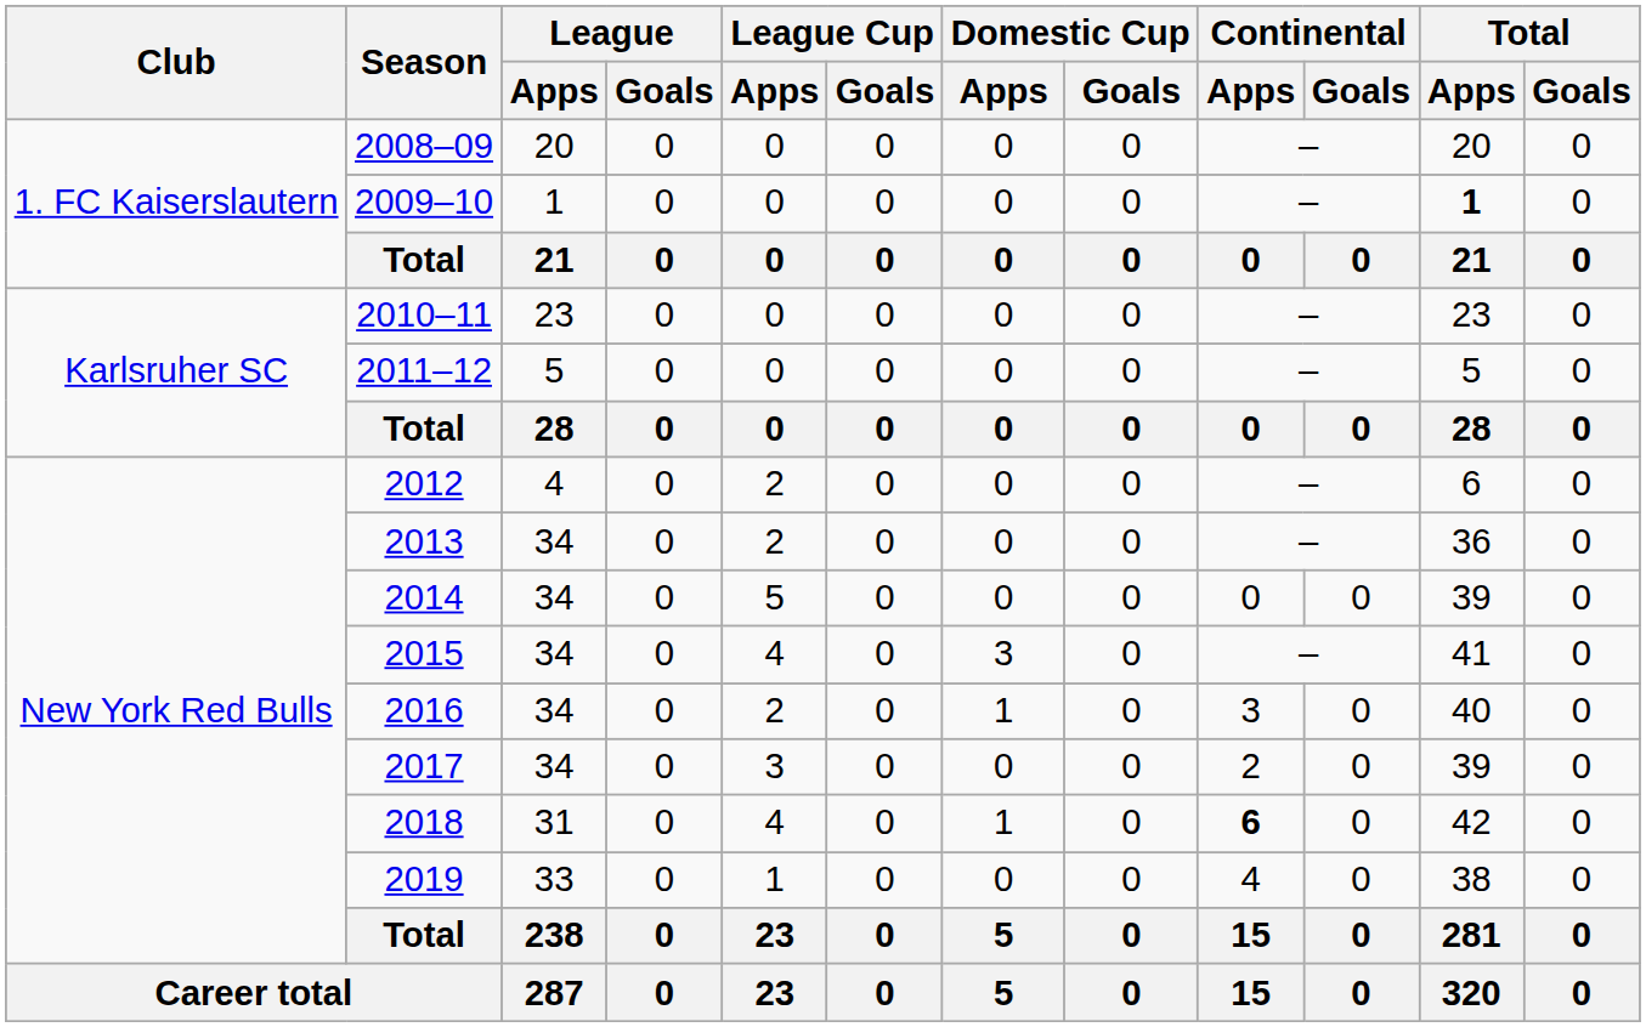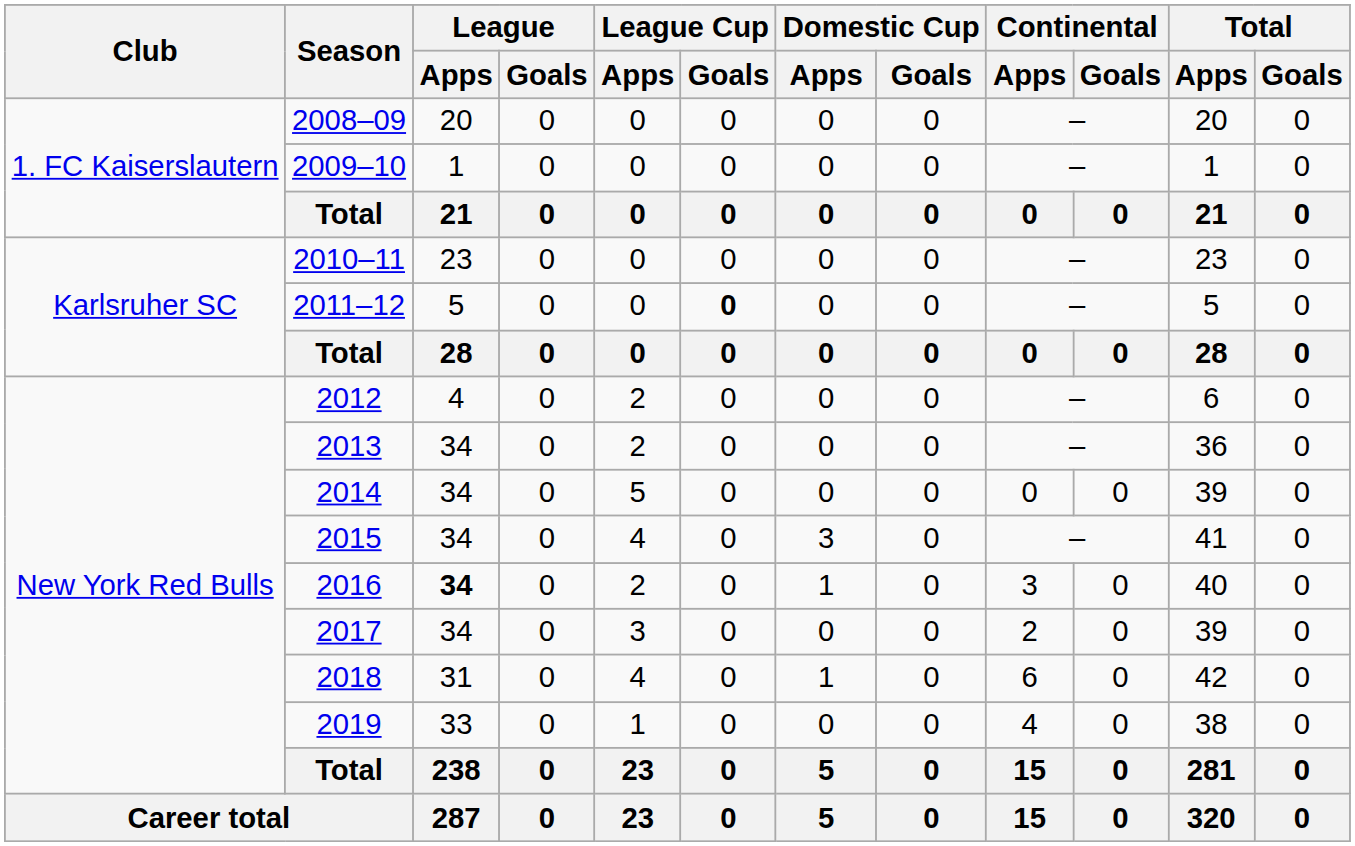 <table class="wikitable" style="text-align: center;">
 <tr>
 <th rowspan="2">Club</th>
 <th rowspan="2">Season</th>
 <th colspan="2">League</th>
 <th colspan="2">League Cup</th>
 <th colspan="2">Domestic Cup</th>
 <th colspan="2">Continental</th>
 <th colspan="2">Total</th>
 </tr>
 <tr>
 <th>Apps</th>
 <th>Goals</th>
 <th>Apps</th>
 <th>Goals</th>
 <th>Apps</th>
 <th>Goals</th>
 <th>Apps</th>
 <th>Goals</th>
 <th>Apps</th>
 <th>Goals</th>
 </tr>
 <tr>
 <td rowspan="3"><a href='#'>1. FC Kaiserslautern</a></td>
 <td><a href='#'>2008–09</a></td>
 <td>20</td>
 <td>0</td>
 <td>0</td>
 <td>0</td>
 <td>0</td>
 <td>0</td>
 <td colspan="2">–</td>
 <td>20</td>
 <td>0</td>
 </tr>
 <tr>
 <td><a href='#'>2009–10</a></td>
 <td>1</td>
 <td>0</td>
 <td>0</td>
 <td>0</td>
 <td>0</td>
 <td>0</td>
 <td colspan="2">–</td>
-<td><strong>1</strong></td>
+<td>1</td>
 <td>0</td>
 </tr>
 <tr>
 <th>Total</th>
 <th>21</th>
 <th>0</th>
 <th>0</th>
 <th>0</th>
 <th>0</th>
 <th>0</th>
 <th>0</th>
 <th>0</th>
 <th>21</th>
 <th>0</th>
 </tr>
 <tr>
 <td rowspan="3"><a href='#'>Karlsruher SC</a></td>
 <td><a href='#'>2010–11</a></td>
 <td>23</td>
 <td>0</td>
 <td>0</td>
 <td>0</td>
 <td>0</td>
 <td>0</td>
 <td colspan="2">–</td>
 <td>23</td>
 <td>0</td>
 </tr>
 <tr>
 <td><a href='#'>2011–12</a></td>
 <td>5</td>
 <td>0</td>
 <td>0</td>
-<td>0</td>
+<td><strong>0</strong></td>
 <td>0</td>
 <td>0</td>
 <td colspan="2">–</td>
 <td>5</td>
 <td>0</td>
 </tr>
 <tr>
 <th>Total</th>
 <th>28</th>
 <th>0</th>
 <th>0</th>
 <th>0</th>
 <th>0</th>
 <th>0</th>
 <th>0</th>
 <th>0</th>
 <th>28</th>
 <th>0</th>
 </tr>
 <tr>
 <td rowspan="9"><a href='#'>New York Red Bulls</a></td>
 <td><a href='#'>2012</a></td>
 <td>4</td>
 <td>0</td>
 <td>2</td>
 <td>0</td>
 <td>0</td>
 <td>0</td>
 <td colspan="2">–</td>
 <td>6</td>
 <td>0</td>
 </tr>
 <tr>
 <td><a href='#'>2013</a></td>
 <td>34</td>
 <td>0</td>
 <td>2</td>
 <td>0</td>
 <td>0</td>
 <td>0</td>
 <td colspan="2">–</td>
 <td>36</td>
 <td>0</td>
 </tr>
 <tr>
 <td><a href='#'>2014</a></td>
 <td>34</td>
 <td>0</td>
 <td>5</td>
 <td>0</td>
 <td>0</td>
 <td>0</td>
 <td>0</td>
 <td>0</td>
 <td>39</td>
 <td>0</td>
 </tr>
 <tr>
 <td><a href='#'>2015</a></td>
 <td>34</td>
 <td>0</td>
 <td>4</td>
 <td>0</td>
 <td>3</td>
 <td>0</td>
 <td colspan="2">–</td>
 <td>41</td>
 <td>0</td>
 </tr>
 <tr>
 <td><a href='#'>2016</a></td>
-<td>34</td>
+<td><strong>34</strong></td>
 <td>0</td>
 <td>2</td>
 <td>0</td>
 <td>1</td>
 <td>0</td>
 <td>3</td>
 <td>0</td>
 <td>40</td>
 <td>0</td>
 </tr>
 <tr>
 <td><a href='#'>2017</a></td>
 <td>34</td>
 <td>0</td>
 <td>3</td>
 <td>0</td>
 <td>0</td>
 <td>0</td>
 <td>2</td>
 <td>0</td>
 <td>39</td>
 <td>0</td>
 </tr>
 <tr>
 <td><a href='#'>2018</a></td>
 <td>31</td>
 <td>0</td>
 <td>4</td>
 <td>0</td>
 <td>1</td>
 <td>0</td>
-<td><strong>6</strong></td>
+<td>6</td>
 <td>0</td>
 <td>42</td>
 <td>0</td>
 </tr>
 <tr>
 <td><a href='#'>2019</a></td>
 <td>33</td>
 <td>0</td>
 <td>1</td>
 <td>0</td>
 <td>0</td>
 <td>0</td>
 <td>4</td>
 <td>0</td>
 <td>38</td>
 <td>0</td>
 </tr>
 <tr>
 <th>Total</th>
 <th>238</th>
 <th>0</th>
 <th>23</th>
 <th>0</th>
 <th>5</th>
 <th>0</th>
 <th>15</th>
 <th>0</th>
 <th>281</th>
 <th>0</th>
 </tr>
 <tr>
 <th colspan="2">Career total</th>
 <th>287</th>
 <th>0</th>
 <th>23</th>
 <th>0</th>
 <th>5</th>
 <th>0</th>
 <th>15</th>
 <th>0</th>
 <th>320</th>
 <th>0</th>
 </tr>
 </table>
